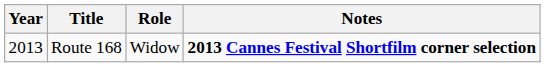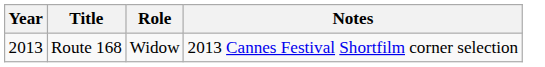 <table class="wikitable" style="font-size:90%;">
 <tr>
 <th>Year</th>
 <th>Title</th>
 <th>Role</th>
 <th>Notes</th>
 </tr>
 <tr>
 <td rowspan="2">2013</td>
 <td>Route 168</td>
 <td>Widow</td>
-<td><strong>2013 <a href='#'>Cannes Festival</a> <a href='#'>Shortfilm</a> corner selection</strong></td>
+<td>2013 <a href='#'>Cannes Festival</a> <a href='#'>Shortfilm</a> corner selection</td>
 </tr>
 </table>
